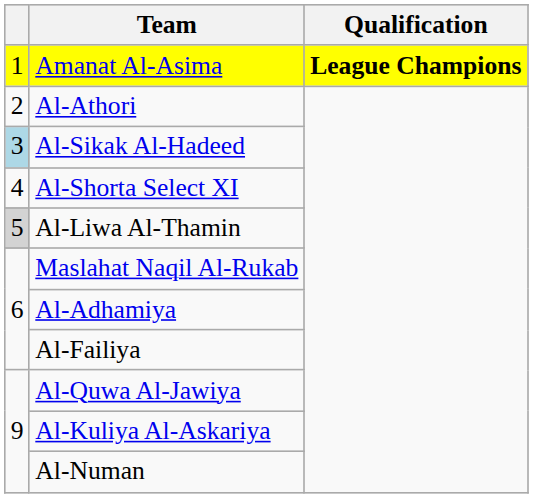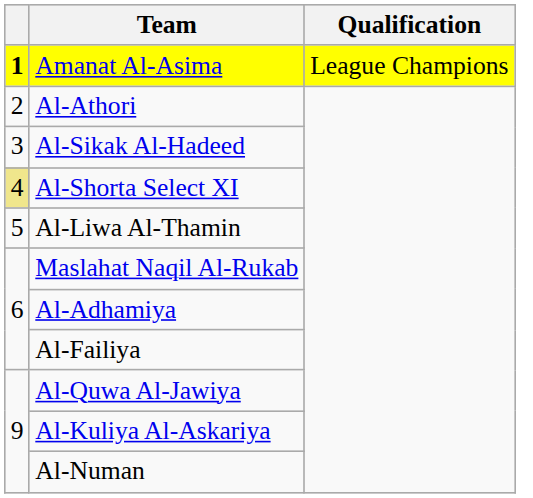 <table class="wikitable" style="text-align: center">
 <tr>
 <th><strong></strong></th>
 <th><strong>Team</strong></th>
 <th><strong>Qualification</strong></th>
 </tr>
 <tr>
-<td style="background:#FFFF00">1</td>
+<td style="background:#FFFF00"><strong>1</strong></td>
 <td style="background:#FFFF00; text-align: left"><a href='#'>Amanat Al-Asima</a></td>
-<td style="background:#FFFF00"><strong>League Champions</strong></td>
+<td style="background:#FFFF00">League Champions</td>
 </tr>
 <tr>
 <td>2</td>
 <td style="text-align: left"><a href='#'>Al-Athori</a></td>
 </tr>
 <tr>
-<td style="background: lightblue;">3</td>
+<td>3</td>
 <td style="text-align: left"><a href='#'>Al-Sikak Al-Hadeed</a></td>
 </tr>
 <tr>
-<td>4</td>
+<td style="background: khaki;">4</td>
 <td style="text-align: left"><a href='#'>Al-Shorta Select XI</a></td>
 </tr>
 <tr>
-<td style="background: lightgrey;">5</td>
+<td>5</td>
 <td style="text-align: left">Al-Liwa Al-Thamin</td>
 </tr>
 <tr>
 <td rowspan=3>6</td>
 <td style="text-align: left"><a href='#'>Maslahat Naqil Al-Rukab</a></td>
 </tr>
 <tr>
 <td style="text-align: left"><a href='#'>Al-Adhamiya</a></td>
 </tr>
 <tr>
 <td style="text-align: left">Al-Failiya</td>
 </tr>
 <tr>
 <td rowspan=3>9</td>
 <td style="text-align: left"><a href='#'>Al-Quwa Al-Jawiya</a></td>
 </tr>
 <tr>
 <td style="text-align: left"><a href='#'>Al-Kuliya Al-Askariya</a></td>
 </tr>
 <tr>
 <td style="text-align: left">Al-Numan</td>
 </tr>
 </table>
